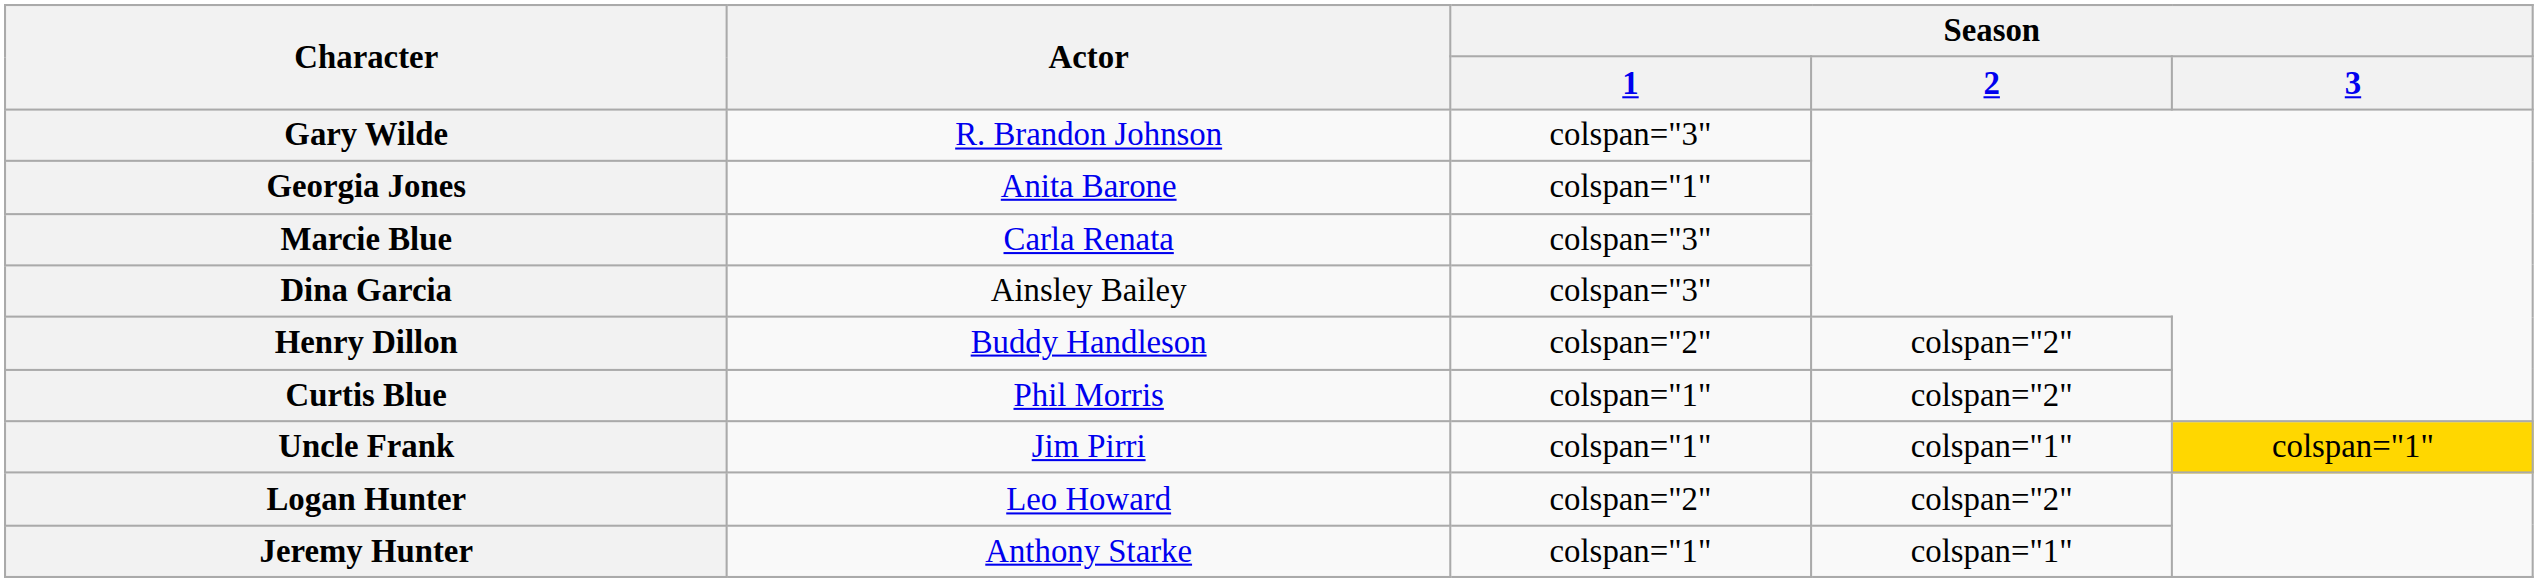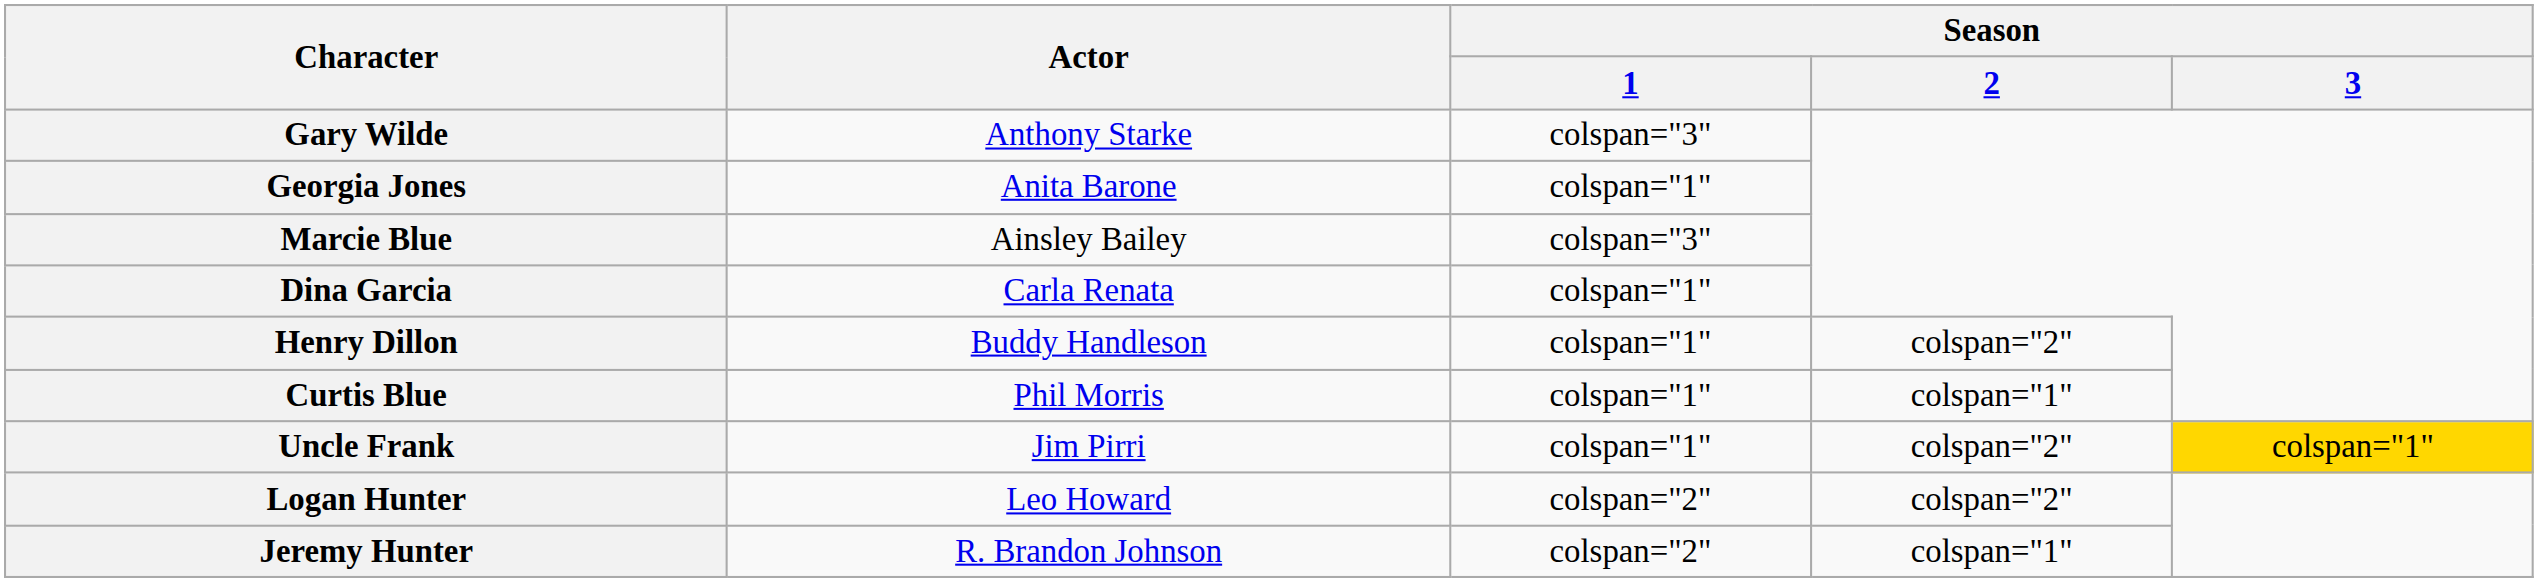 <table class="wikitable plainrowheaders" style="text-align:center;">
 <tr>
 <th rowspan="2" width="14%" scope="col">Character</th>
 <th rowspan="2" width="14%" scope="col">Actor</th>
 <th colspan="4">Season</th>
 </tr>
 <tr>
 <th width="7%" scope="col"><a href='#'>1</a></th>
 <th width="7%" scope="col"><a href='#'>2</a></th>
 <th width="7%" scope="col"><a href='#'>3</a></th>
 </tr>
 <tr>
 <th scope="row" style="text-align:center;">Gary Wilde</th>
-<td><a href='#'>R. Brandon Johnson</a></td>
+<td><a href='#'>Anthony Starke</a></td>
 <td>colspan="3" </td>
 </tr>
 <tr>
 <th scope="row" style="text-align:center;">Georgia Jones</th>
 <td><a href='#'>Anita Barone</a></td>
 <td>colspan="1" </td>
 </tr>
 <tr>
 <th scope="row" style="text-align:center;">Marcie Blue</th>
-<td><a href='#'>Carla Renata</a></td>
+<td>Ainsley Bailey</td>
 <td>colspan="3" </td>
 </tr>
 <tr>
 <th scope="row" style="text-align:center;">Dina Garcia</th>
-<td>Ainsley Bailey</td>
-<td>colspan="3" </td>
+<td><a href='#'>Carla Renata</a></td>
+<td>colspan="1" </td>
 </tr>
 <tr>
 <th scope="row" style="text-align:center;">Henry Dillon</th>
 <td><a href='#'>Buddy Handleson</a></td>
-<td>colspan="2" </td>
+<td>colspan="1" </td>
 <td>colspan="2" </td>
 </tr>
 <tr>
 <th scope="row" style="text-align:center;">Curtis Blue</th>
 <td><a href='#'>Phil Morris</a></td>
 <td>colspan="1" </td>
-<td>colspan="2" </td>
+<td>colspan="1" </td>
 </tr>
 <tr>
 <th scope="row" style="text-align:center;">Uncle Frank</th>
 <td><a href='#'>Jim Pirri</a></td>
 <td>colspan="1" </td>
-<td>colspan="1" </td>
+<td>colspan="2" </td>
 <td style="background: gold;">colspan="1" </td>
 </tr>
 <tr>
 <th scope="row" style="text-align:center;">Logan Hunter</th>
 <td><a href='#'>Leo Howard</a></td>
 <td>colspan="2" </td>
 <td>colspan="2" </td>
 </tr>
 <tr>
 <th scope="row" style="text-align:center;">Jeremy Hunter</th>
-<td><a href='#'>Anthony Starke</a></td>
-<td>colspan="1" </td>
+<td><a href='#'>R. Brandon Johnson</a></td>
+<td>colspan="2" </td>
 <td>colspan="1" </td>
 </tr>
 </table>
